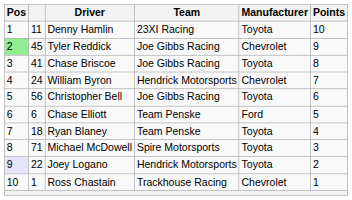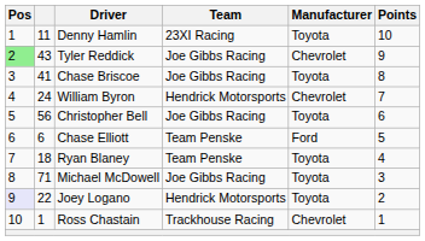 <table class="wikitable" style="font-size:98%">
 <tr>
 <th>Pos</th>
 <th></th>
 <th>Driver</th>
 <th>Team</th>
 <th>Manufacturer</th>
 <th>Points</th>
 </tr>
 <tr>
 <td>1</td>
 <td>11</td>
 <td>Denny Hamlin</td>
 <td>23XI Racing</td>
 <td>Toyota</td>
 <td>10</td>
 </tr>
 <tr>
 <td style="background: lightgreen;">2</td>
-<td>45</td>
+<td>43</td>
 <td>Tyler Reddick</td>
 <td>Joe Gibbs Racing</td>
 <td>Chevrolet</td>
 <td>9</td>
 </tr>
 <tr>
 <td>3</td>
 <td>41</td>
 <td>Chase Briscoe</td>
 <td>Joe Gibbs Racing</td>
 <td>Toyota</td>
 <td>8</td>
 </tr>
 <tr>
 <td>4</td>
 <td>24</td>
 <td>William Byron</td>
 <td>Hendrick Motorsports</td>
 <td>Chevrolet</td>
 <td>7</td>
 </tr>
 <tr>
 <td>5</td>
 <td>56</td>
 <td>Christopher Bell</td>
 <td>Joe Gibbs Racing</td>
 <td>Toyota</td>
 <td>6</td>
 </tr>
 <tr>
 <td>6</td>
 <td>6</td>
 <td>Chase Elliott</td>
 <td>Team Penske</td>
 <td>Ford</td>
 <td>5</td>
 </tr>
 <tr>
 <td>7</td>
 <td>18</td>
 <td>Ryan Blaney</td>
 <td>Team Penske</td>
 <td>Toyota</td>
 <td>4</td>
 </tr>
 <tr>
 <td>8</td>
 <td>71</td>
 <td>Michael McDowell</td>
-<td>Spire Motorsports</td>
+<td>Joe Gibbs Racing</td>
 <td>Toyota</td>
 <td>3</td>
 </tr>
 <tr>
 <td style="background: lavender;">9</td>
 <td>22</td>
 <td>Joey Logano</td>
 <td>Hendrick Motorsports</td>
 <td>Toyota</td>
 <td>2</td>
 </tr>
 <tr>
 <td>10</td>
 <td>1</td>
 <td>Ross Chastain</td>
 <td>Trackhouse Racing</td>
 <td>Chevrolet</td>
 <td>1</td>
 </tr>
 <tr>
 <th colspan="6"></th>
 </tr>
 </table>
